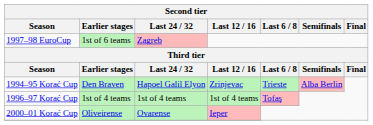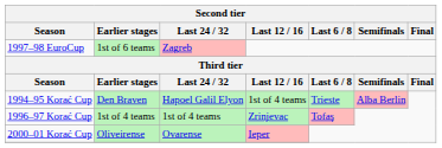 <table class="wikitable" style="font-size:90%">
 <tr>
 <th colspan=7>Second tier</th>
 </tr>
 <tr>
 <th>Season</th>
 <th>Earlier stages</th>
 <th>Last 24 / 32</th>
 <th>Last 12 / 16</th>
 <th>Last 6 / 8</th>
 <th>Semifinals</th>
 <th>Final</th>
 </tr>
 <tr>
 <td><a href='#'>1997–98 EuroCup</a></td>
 <td bgcolor=#BBF3BB>1st of 6 teams</td>
 <td bgcolor=#FFBBBB> <a href='#'>Zagreb</a></td>
 </tr>
 <tr>
 <th colspan=7>Third tier</th>
 </tr>
 <tr>
 <th>Season</th>
 <th>Earlier stages</th>
 <th>Last 24 / 32</th>
 <th>Last 12 / 16</th>
 <th>Last 6 / 8</th>
 <th>Semifinals</th>
 <th>Final</th>
 </tr>
 <tr>
 <td><a href='#'>1994–95 Korać Cup</a></td>
 <td bgcolor=#BBF3BB> <a href='#'>Den Braven</a></td>
 <td bgcolor=#BBF3BB> <a href='#'>Hapoel Galil Elyon</a></td>
-<td bgcolor=#BBF3BB> <a href='#'>Zrinjevac</a></td>
+<td bgcolor=#BBF3BB>1st of 4 teams</td>
 <td bgcolor=#BBF3BB> <a href='#'>Trieste</a></td>
 <td bgcolor=#FFBBBB> <a href='#'>Alba Berlin</a></td>
 </tr>
 <tr>
 <td><a href='#'>1996–97 Korać Cup</a></td>
 <td bgcolor=#BBF3BB>1st of 4 teams</td>
 <td bgcolor=#BBF3BB>1st of 4 teams</td>
-<td bgcolor=#BBF3BB>1st of 4 teams</td>
+<td bgcolor=#BBF3BB> <a href='#'>Zrinjevac</a></td>
 <td bgcolor=#FFBBBB> <a href='#'>Tofaş</a></td>
 </tr>
 <tr>
 <td><a href='#'>2000–01 Korać Cup</a></td>
 <td bgcolor=#BBF3BB> <a href='#'>Oliveirense</a></td>
 <td bgcolor=#BBF3BB> <a href='#'>Ovarense</a></td>
 <td bgcolor=#FFBBBB> <a href='#'>Ieper</a></td>
 </tr>
 <tr>
 </tr>
 </table>
